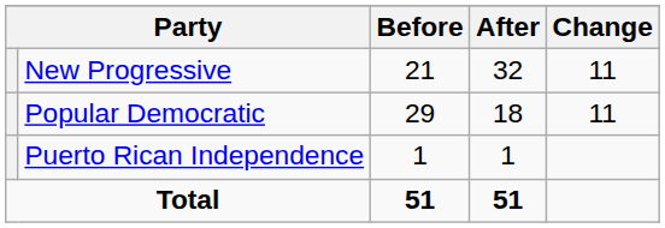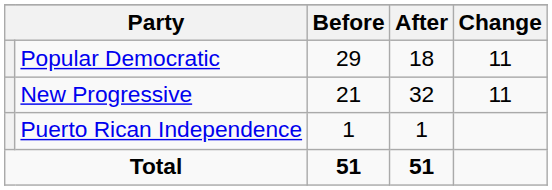 <table class="wikitable" style="text-align:center;">
 <tr>
 </tr>
 <tr>
 <th colspan=2>Party</th>
 <th>Before</th>
 <th>After</th>
 <th>Change</th>
 </tr>
 <tr>
 <th style="background-color:"></th>
-<td style="text-align:left;"><a href='#'>New Progressive</a></td>
-<td>21</td>
-<td>32</td>
+<td style="text-align:left;"><a href='#'>Popular Democratic</a></td>
+<td>29</td>
+<td>18</td>
 <td> 11</td>
 </tr>
 <tr>
 <th style="background-color:"></th>
-<td style="text-align:left;"><a href='#'>Popular Democratic</a></td>
-<td>29</td>
-<td>18</td>
+<td style="text-align:left;"><a href='#'>New Progressive</a></td>
+<td>21</td>
+<td>32</td>
 <td> 11</td>
 </tr>
 <tr>
 <th style="background-color:"></th>
 <td style="text-align:left;"><a href='#'>Puerto Rican Independence</a></td>
 <td>1</td>
 <td>1</td>
 <td></td>
 </tr>
 <tr>
 <td colspan=2><strong>Total</strong></td>
 <td><strong>51</strong></td>
 <td><strong>51</strong></td>
 <td></td>
 </tr>
 </table>
